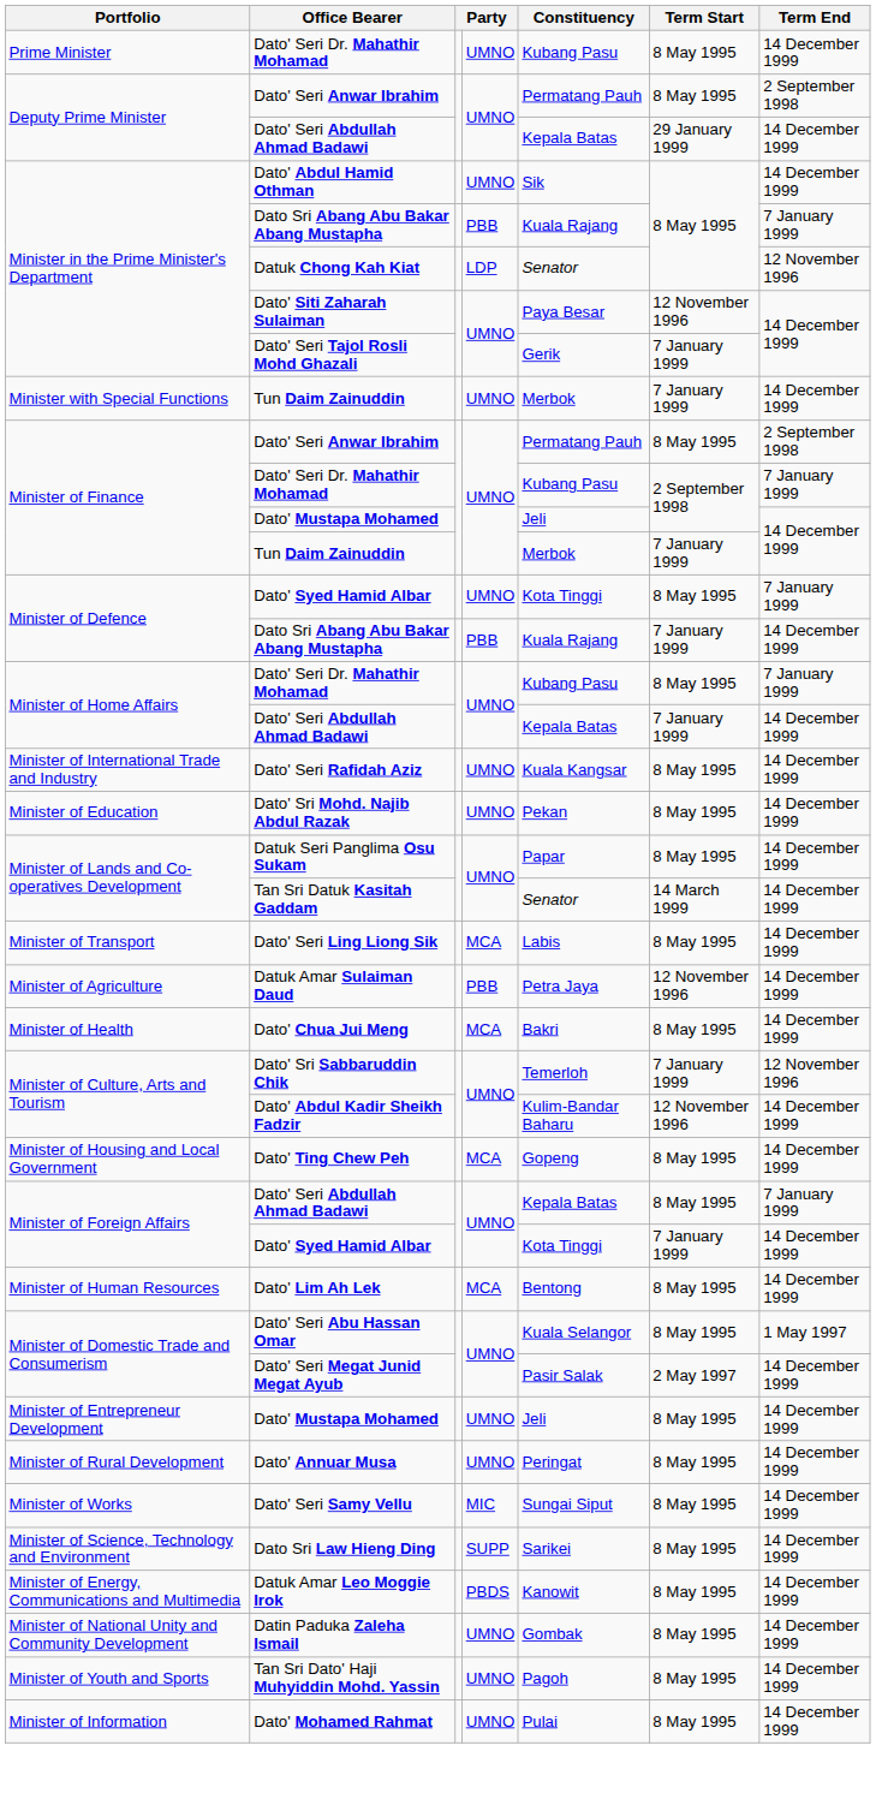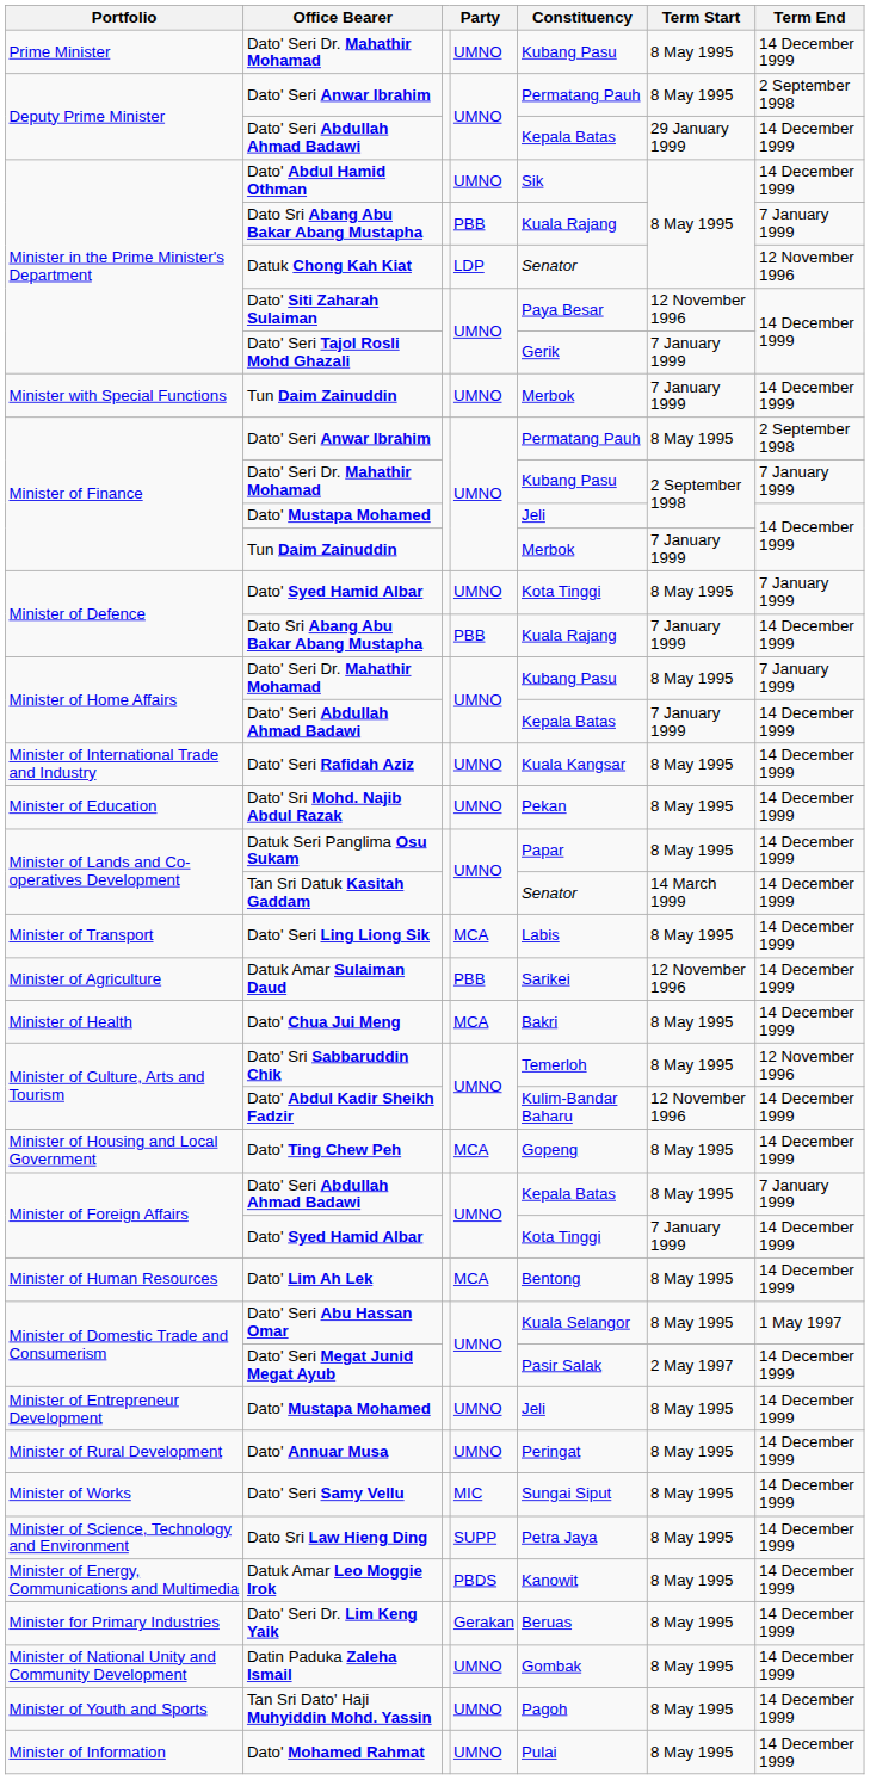 <table class="sortable wikitable">
 <tr>
 <th>Portfolio</th>
 <th>Office Bearer</th>
 <th colspan=2>Party</th>
 <th>Constituency</th>
 <th>Term Start</th>
 <th>Term End</th>
 </tr>
 <tr>
 <td><a href='#'>Prime Minister</a></td>
 <td>Dato' Seri Dr. <strong><a href='#'>Mahathir Mohamad</a></strong> </td>
 <td rowspan=1></td>
 <td><a href='#'>UMNO</a></td>
 <td><a href='#'>Kubang Pasu</a></td>
 <td>8 May 1995</td>
 <td>14 December 1999</td>
 </tr>
 <tr>
 <td rowspan=2><a href='#'>Deputy Prime Minister</a></td>
 <td>Dato' Seri <strong><a href='#'>Anwar Ibrahim</a></strong> </td>
 <td rowspan=2></td>
 <td rowspan=2><a href='#'>UMNO</a></td>
 <td><a href='#'>Permatang Pauh</a></td>
 <td>8 May 1995</td>
 <td>2 September 1998</td>
 </tr>
 <tr>
 <td>Dato' Seri <strong><a href='#'>Abdullah Ahmad Badawi</a></strong> </td>
 <td><a href='#'>Kepala Batas</a></td>
 <td>29 January 1999</td>
 <td>14 December 1999</td>
 </tr>
 <tr>
 <td rowspan="5"><a href='#'>Minister in the Prime Minister's Department</a></td>
 <td>Dato' <strong><a href='#'>Abdul Hamid Othman</a></strong> </td>
 <td rowspan=1></td>
 <td><a href='#'>UMNO</a></td>
 <td><a href='#'>Sik</a></td>
 <td rowspan=3>8 May 1995</td>
 <td>14 December 1999</td>
 </tr>
 <tr>
 <td>Dato Sri <strong><a href='#'>Abang Abu Bakar Abang Mustapha</a></strong> </td>
 <td rowspan=1></td>
 <td><a href='#'>PBB</a></td>
 <td><a href='#'>Kuala Rajang</a></td>
 <td>7 January 1999</td>
 </tr>
 <tr>
 <td>Datuk <strong><a href='#'>Chong Kah Kiat</a></strong></td>
 <td rowspan=1></td>
 <td><a href='#'>LDP</a></td>
 <td><em>Senator</em></td>
 <td>12 November 1996</td>
 </tr>
 <tr>
 <td>Dato' <strong><a href='#'>Siti Zaharah Sulaiman</a></strong> </td>
 <td rowspan=2></td>
 <td rowspan=2><a href='#'>UMNO</a></td>
 <td><a href='#'>Paya Besar</a></td>
 <td>12 November 1996</td>
 <td rowspan=2>14 December 1999</td>
 </tr>
 <tr>
 <td>Dato' Seri <strong><a href='#'>Tajol Rosli Mohd Ghazali</a></strong> </td>
 <td><a href='#'>Gerik</a></td>
 <td>7 January 1999</td>
 </tr>
 <tr>
 <td><a href='#'>Minister with Special Functions</a></td>
 <td>Tun <strong><a href='#'>Daim Zainuddin</a></strong> </td>
 <td rowspan=1></td>
 <td><a href='#'>UMNO</a></td>
 <td><a href='#'>Merbok</a></td>
 <td>7 January 1999</td>
 <td>14 December 1999</td>
 </tr>
 <tr>
 <td rowspan="4"><a href='#'>Minister of Finance</a></td>
 <td>Dato' Seri <strong><a href='#'>Anwar Ibrahim</a></strong> </td>
 <td rowspan=4></td>
 <td rowspan="4"><a href='#'>UMNO</a></td>
 <td><a href='#'>Permatang Pauh</a></td>
 <td>8 May 1995</td>
 <td>2 September 1998</td>
 </tr>
 <tr>
 <td>Dato' Seri Dr. <strong><a href='#'>Mahathir Mohamad</a></strong> </td>
 <td><a href='#'>Kubang Pasu</a></td>
 <td rowspan=2>2 September 1998</td>
 <td>7 January 1999</td>
 </tr>
 <tr>
 <td>Dato' <strong><a href='#'>Mustapa Mohamed</a></strong> </td>
 <td><a href='#'>Jeli</a></td>
 <td rowspan=2>14 December 1999</td>
 </tr>
 <tr>
 <td>Tun <strong><a href='#'>Daim Zainuddin</a></strong> </td>
 <td><a href='#'>Merbok</a></td>
 <td>7 January 1999</td>
 </tr>
 <tr>
 <td rowspan=2><a href='#'>Minister of Defence</a></td>
 <td>Dato' <strong><a href='#'>Syed Hamid Albar</a></strong> </td>
 <td rowspan=1></td>
 <td><a href='#'>UMNO</a></td>
 <td><a href='#'>Kota Tinggi</a></td>
 <td>8 May 1995</td>
 <td>7 January 1999</td>
 </tr>
 <tr>
 <td>Dato Sri <strong><a href='#'>Abang Abu Bakar Abang Mustapha</a></strong> </td>
 <td rowspan=1></td>
 <td><a href='#'>PBB</a></td>
 <td><a href='#'>Kuala Rajang</a></td>
 <td>7 January 1999</td>
 <td>14 December 1999</td>
 </tr>
 <tr>
 <td rowspan=2><a href='#'>Minister of Home Affairs</a></td>
 <td>Dato' Seri Dr. <strong><a href='#'>Mahathir Mohamad</a></strong> </td>
 <td rowspan=2></td>
 <td rowspan=2><a href='#'>UMNO</a></td>
 <td><a href='#'>Kubang Pasu</a></td>
 <td>8 May 1995</td>
 <td>7 January 1999</td>
 </tr>
 <tr>
 <td>Dato' Seri <strong><a href='#'>Abdullah Ahmad Badawi</a></strong> </td>
 <td><a href='#'>Kepala Batas</a></td>
 <td>7 January 1999</td>
 <td>14 December 1999</td>
 </tr>
 <tr>
 <td><a href='#'>Minister of International Trade and Industry</a></td>
 <td>Dato' Seri <strong><a href='#'>Rafidah Aziz</a></strong> </td>
 <td rowspan=1></td>
 <td><a href='#'>UMNO</a></td>
 <td><a href='#'>Kuala Kangsar</a></td>
 <td>8 May 1995</td>
 <td>14 December 1999</td>
 </tr>
 <tr>
 <td><a href='#'>Minister of Education</a></td>
 <td>Dato' Sri <strong><a href='#'>Mohd. Najib Abdul Razak</a></strong> </td>
 <td rowspan=1></td>
 <td><a href='#'>UMNO</a></td>
 <td><a href='#'>Pekan</a></td>
 <td>8 May 1995</td>
 <td>14 December 1999</td>
 </tr>
 <tr>
 <td rowspan=2><a href='#'>Minister of Lands and Co-operatives Development</a></td>
 <td>Datuk Seri Panglima <strong><a href='#'>Osu Sukam</a></strong> </td>
 <td rowspan=2></td>
 <td rowspan=2><a href='#'>UMNO</a></td>
 <td><a href='#'>Papar</a></td>
 <td>8 May 1995</td>
 <td>14 December 1999</td>
 </tr>
 <tr>
 <td>Tan Sri Datuk <strong><a href='#'>Kasitah Gaddam</a></strong></td>
 <td><em>Senator</em></td>
 <td>14 March 1999</td>
 <td>14 December 1999</td>
 </tr>
 <tr>
 <td><a href='#'>Minister of Transport</a></td>
 <td>Dato' Seri <strong><a href='#'>Ling Liong Sik</a></strong> </td>
 <td rowspan=1></td>
 <td><a href='#'>MCA</a></td>
 <td><a href='#'>Labis</a></td>
 <td>8 May 1995</td>
 <td>14 December 1999</td>
 </tr>
 <tr>
 <td><a href='#'>Minister of Agriculture</a></td>
 <td>Datuk Amar <strong><a href='#'>Sulaiman Daud</a></strong> </td>
 <td rowspan=1></td>
 <td><a href='#'>PBB</a></td>
-<td><a href='#'>Petra Jaya</a></td>
+<td><a href='#'>Sarikei</a></td>
 <td>12 November 1996</td>
 <td>14 December 1999</td>
 </tr>
 <tr>
 <td><a href='#'>Minister of Health</a></td>
 <td>Dato' <strong><a href='#'>Chua Jui Meng</a></strong> </td>
 <td rowspan=1></td>
 <td><a href='#'>MCA</a></td>
 <td><a href='#'>Bakri</a></td>
 <td>8 May 1995</td>
 <td>14 December 1999</td>
 </tr>
 <tr>
 <td rowspan=2><a href='#'>Minister of Culture, Arts and Tourism</a></td>
 <td>Dato' Sri <strong><a href='#'>Sabbaruddin Chik</a></strong> </td>
 <td rowspan=2></td>
 <td rowspan=2><a href='#'>UMNO</a></td>
 <td><a href='#'>Temerloh</a></td>
-<td>7 January 1999</td>
+<td>8 May 1995</td>
 <td>12 November 1996</td>
 </tr>
 <tr>
 <td>Dato' <strong><a href='#'>Abdul Kadir Sheikh Fadzir</a></strong> </td>
 <td><a href='#'>Kulim-Bandar Baharu</a></td>
 <td>12 November 1996</td>
 <td>14 December 1999</td>
 </tr>
 <tr>
 <td><a href='#'>Minister of Housing and Local Government</a></td>
 <td>Dato' <strong><a href='#'>Ting Chew Peh</a></strong> </td>
 <td rowspan=1></td>
 <td><a href='#'>MCA</a></td>
 <td><a href='#'>Gopeng</a></td>
 <td>8 May 1995</td>
 <td>14 December 1999</td>
 </tr>
 <tr>
 <td rowspan=2><a href='#'>Minister of Foreign Affairs</a></td>
 <td>Dato' Seri <strong><a href='#'>Abdullah Ahmad Badawi</a></strong> </td>
 <td rowspan=2></td>
 <td rowspan=2><a href='#'>UMNO</a></td>
 <td><a href='#'>Kepala Batas</a></td>
 <td>8 May 1995</td>
 <td>7 January 1999</td>
 </tr>
 <tr>
 <td>Dato' <strong><a href='#'>Syed Hamid Albar</a></strong> </td>
 <td><a href='#'>Kota Tinggi</a></td>
 <td>7 January 1999</td>
 <td>14 December 1999</td>
 </tr>
 <tr>
 <td><a href='#'>Minister of Human Resources</a></td>
 <td>Dato' <strong><a href='#'>Lim Ah Lek</a></strong> </td>
 <td rowspan=1></td>
 <td><a href='#'>MCA</a></td>
 <td><a href='#'>Bentong</a></td>
 <td>8 May 1995</td>
 <td>14 December 1999</td>
 </tr>
 <tr>
 <td rowspan=2><a href='#'>Minister of Domestic Trade and Consumerism</a></td>
 <td>Dato' Seri <strong><a href='#'>Abu Hassan Omar</a></strong> </td>
 <td rowspan=2></td>
 <td rowspan=2><a href='#'>UMNO</a></td>
 <td><a href='#'>Kuala Selangor</a></td>
 <td>8 May 1995</td>
 <td>1 May 1997</td>
 </tr>
 <tr>
 <td>Dato' Seri <strong><a href='#'>Megat Junid Megat Ayub</a></strong> </td>
 <td><a href='#'>Pasir Salak</a></td>
 <td>2 May 1997</td>
 <td>14 December 1999</td>
 </tr>
 <tr>
 <td><a href='#'>Minister of Entrepreneur Development</a></td>
 <td>Dato' <strong><a href='#'>Mustapa Mohamed</a></strong> </td>
 <td rowspan=1></td>
 <td><a href='#'>UMNO</a></td>
 <td><a href='#'>Jeli</a></td>
 <td>8 May 1995</td>
 <td>14 December 1999</td>
 </tr>
 <tr>
 <td><a href='#'>Minister of Rural Development</a></td>
 <td>Dato' <strong><a href='#'>Annuar Musa</a></strong> </td>
 <td></td>
 <td><a href='#'>UMNO</a></td>
 <td><a href='#'>Peringat</a></td>
 <td>8 May 1995</td>
 <td>14 December 1999</td>
 </tr>
 <tr>
 <td><a href='#'>Minister of Works</a></td>
 <td>Dato' Seri <strong><a href='#'>Samy Vellu</a></strong> </td>
 <td></td>
 <td><a href='#'>MIC</a></td>
 <td><a href='#'>Sungai Siput</a></td>
 <td>8 May 1995</td>
 <td>14 December 1999</td>
 </tr>
 <tr>
 <td><a href='#'>Minister of Science, Technology and Environment</a></td>
 <td>Dato Sri <strong><a href='#'>Law Hieng Ding</a></strong> </td>
 <td></td>
 <td><a href='#'>SUPP</a></td>
-<td><a href='#'>Sarikei</a></td>
+<td><a href='#'>Petra Jaya</a></td>
 <td>8 May 1995</td>
 <td>14 December 1999</td>
 </tr>
 <tr>
 <td><a href='#'>Minister of Energy, Communications and Multimedia</a></td>
 <td>Datuk Amar <strong><a href='#'>Leo Moggie Irok</a></strong> </td>
 <td></td>
 <td><a href='#'>PBDS</a></td>
 <td><a href='#'>Kanowit</a></td>
+<td>8 May 1995</td>
+<td>14 December 1999</td>
+</tr>
+<tr>
+<td><a href='#'>Minister for Primary Industries</a></td>
+<td>Dato' Seri Dr. <strong><a href='#'>Lim Keng Yaik</a></strong> </td>
+<td></td>
+<td><a href='#'>Gerakan</a></td>
+<td><a href='#'>Beruas</a></td>
 <td>8 May 1995</td>
 <td>14 December 1999</td>
 </tr>
 <tr>
 <td><a href='#'>Minister of National Unity and Community Development</a></td>
 <td>Datin Paduka <strong><a href='#'>Zaleha Ismail</a></strong> </td>
 <td></td>
 <td><a href='#'>UMNO</a></td>
 <td><a href='#'>Gombak</a></td>
 <td>8 May 1995</td>
 <td>14 December 1999</td>
 </tr>
 <tr>
 <td><a href='#'>Minister of Youth and Sports</a></td>
 <td>Tan Sri Dato' Haji <strong><a href='#'>Muhyiddin Mohd. Yassin</a></strong> </td>
 <td></td>
 <td><a href='#'>UMNO</a></td>
 <td><a href='#'>Pagoh</a></td>
 <td>8 May 1995</td>
 <td>14 December 1999</td>
 </tr>
 <tr>
 <td><a href='#'>Minister of Information</a></td>
 <td>Dato' <strong><a href='#'>Mohamed Rahmat</a></strong> </td>
 <td></td>
 <td><a href='#'>UMNO</a></td>
 <td><a href='#'>Pulai</a></td>
 <td>8 May 1995</td>
 <td>14 December 1999</td>
 </tr>
 </table>
